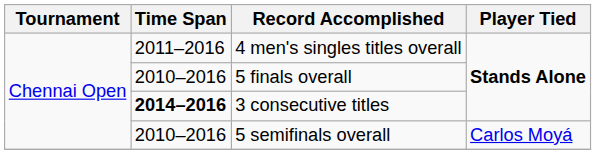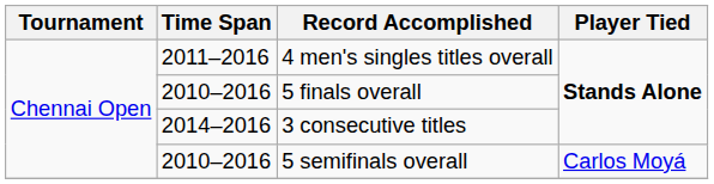 <table class="wikitable">
 <tr>
 <th>Tournament</th>
 <th>Time Span</th>
 <th>Record Accomplished</th>
 <th>Player Tied</th>
 </tr>
 <tr>
 <td rowspan="4"><a href='#'>Chennai Open</a></td>
 <td>2011–2016</td>
 <td>4 men's singles titles overall</td>
 <td rowspan="3"><strong>Stands Alone</strong></td>
 </tr>
 <tr>
 <td>2010–2016</td>
 <td>5 finals overall</td>
 </tr>
 <tr>
-<td><strong>2014–2016</strong></td>
+<td>2014–2016</td>
 <td>3 consecutive titles</td>
 </tr>
 <tr>
 <td>2010–2016</td>
 <td>5 semifinals overall</td>
 <td><a href='#'>Carlos Moyá</a></td>
 </tr>
 <tr>
 </tr>
 </table>
